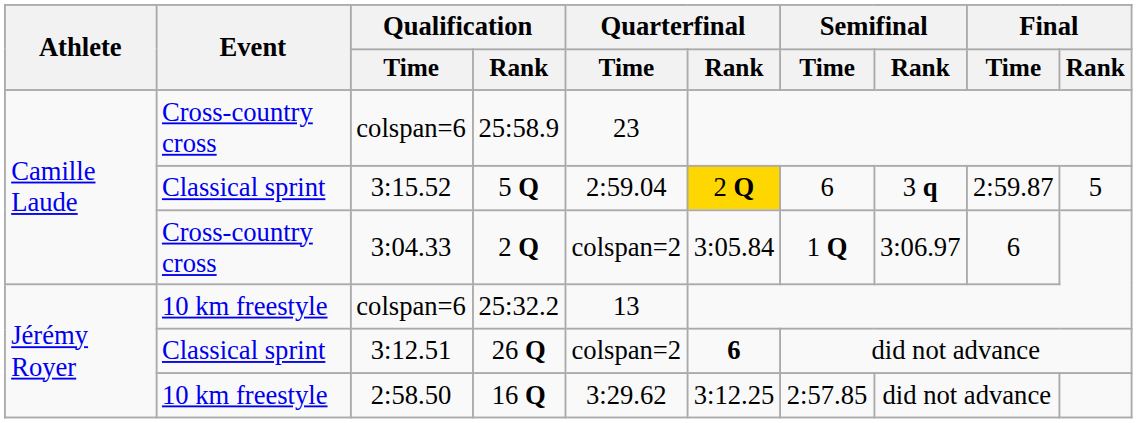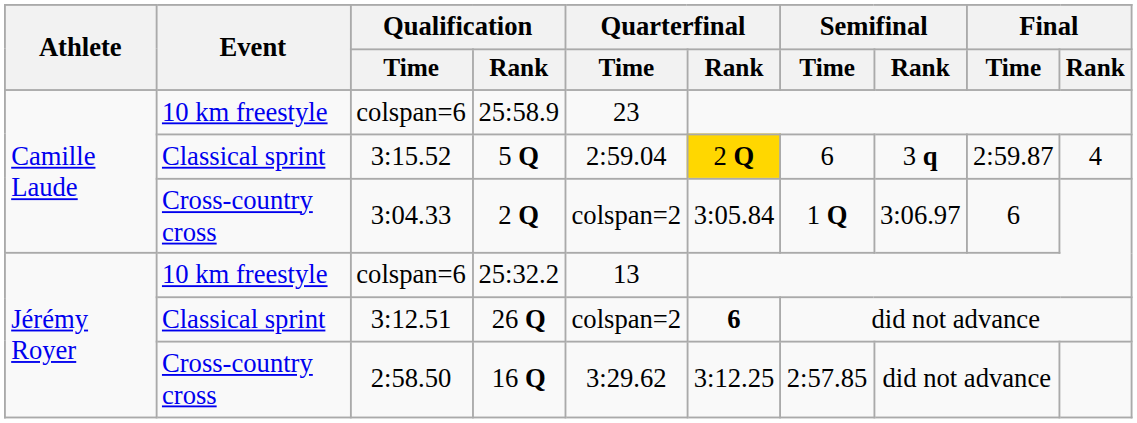 <table class="wikitable" style="font-size:90%">
 <tr>
 <th rowspan="2">Athlete</th>
 <th rowspan="2">Event</th>
 <th colspan="2">Qualification</th>
 <th colspan="2">Quarterfinal</th>
 <th colspan="2">Semifinal</th>
 <th colspan="2">Final</th>
 </tr>
 <tr style="font-size:95%">
 <th>Time</th>
 <th>Rank</th>
 <th>Time</th>
 <th>Rank</th>
 <th>Time</th>
 <th>Rank</th>
 <th>Time</th>
 <th>Rank</th>
 </tr>
 <tr align=center>
 <td align=left rowspan=3><a href='#'>Camille Laude</a></td>
-<td align=left><a href='#'>Cross-country cross</a></td>
+<td align=left><a href='#'>10 km freestyle</a></td>
 <td>colspan=6 </td>
 <td>25:58.9</td>
 <td>23</td>
 </tr>
 <tr align=center>
 <td align=left><a href='#'>Classical sprint</a></td>
 <td>3:15.52</td>
 <td>5 <strong>Q</strong></td>
 <td>2:59.04</td>
 <td style="background: gold;">2 <strong>Q</strong></td>
 <td>6</td>
 <td>3 <strong>q</strong></td>
 <td>2:59.87</td>
-<td>5</td>
+<td>4</td>
 </tr>
 <tr align=center>
 <td align=left><a href='#'>Cross-country cross</a></td>
 <td>3:04.33</td>
 <td>2 <strong>Q</strong></td>
 <td>colspan=2 </td>
 <td>3:05.84</td>
 <td>1 <strong>Q</strong></td>
 <td>3:06.97</td>
 <td>6</td>
 </tr>
 <tr align=center>
 <td align=left rowspan=3><a href='#'>Jérémy Royer</a></td>
 <td align=left><a href='#'>10 km freestyle</a></td>
 <td>colspan=6 </td>
 <td>25:32.2</td>
 <td>13</td>
 </tr>
 <tr align=center>
 <td align=left><a href='#'>Classical sprint</a></td>
 <td>3:12.51</td>
 <td>26 <strong>Q</strong></td>
 <td>colspan=2 </td>
 <td><strong>6</strong></td>
 <td colspan=4>did not advance</td>
 </tr>
 <tr align=center>
-<td align=left><a href='#'>10 km freestyle</a></td>
+<td align=left><a href='#'>Cross-country cross</a></td>
 <td>2:58.50</td>
 <td>16 <strong>Q</strong></td>
 <td>3:29.62</td>
 <td>3:12.25</td>
 <td>2:57.85</td>
 <td colspan=2>did not advance</td>
 </tr>
 </table>
